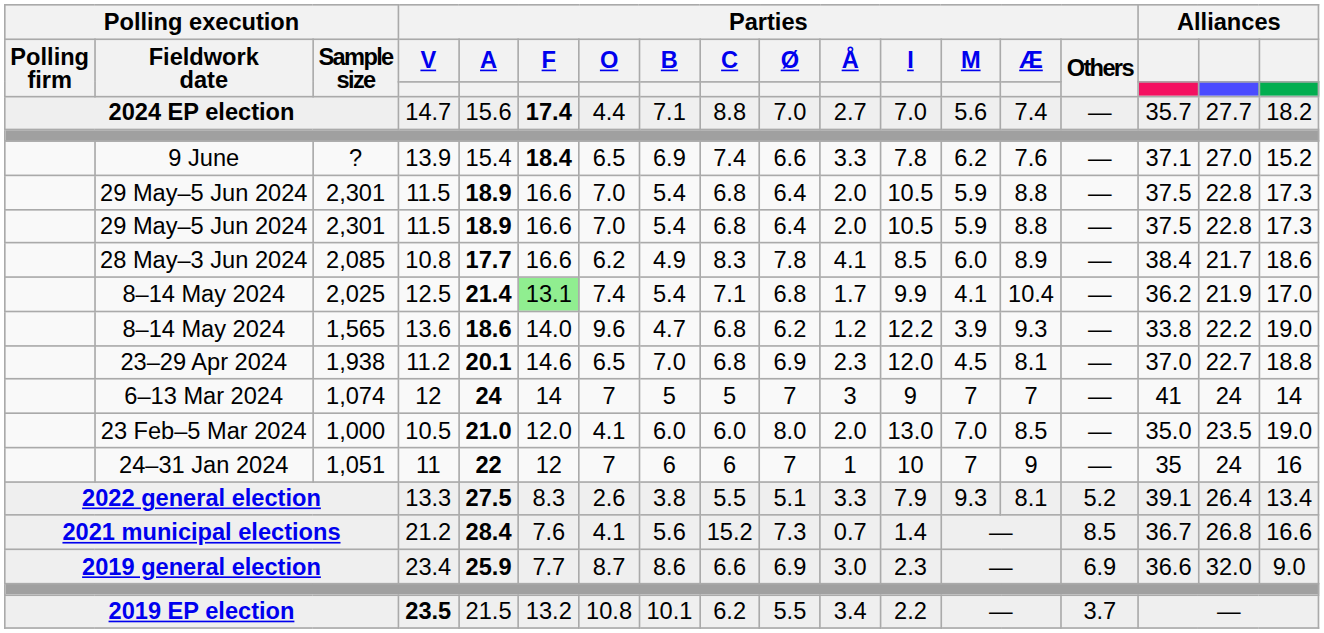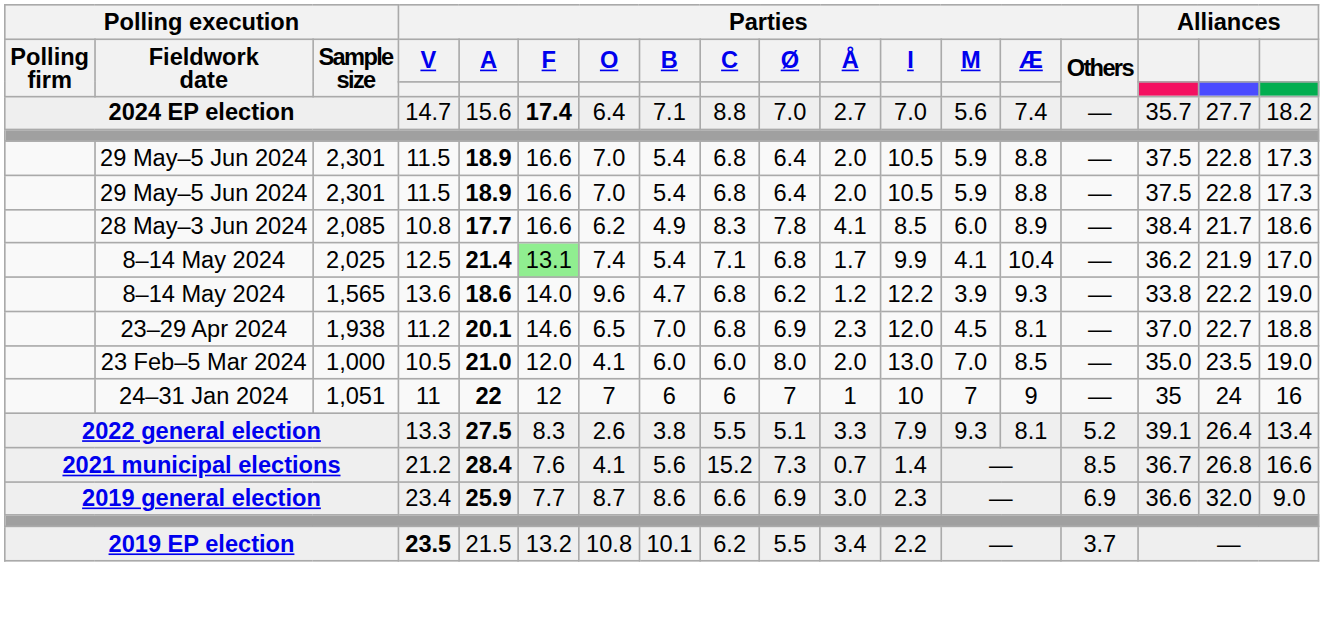 <table class="wikitable sortable mw-datatable" style="text-align:center;font-size:90%;line-height:14px;">
 <tr>
 <th colspan="3"><strong>Polling execution</strong></th>
 <th colspan="12">Parties</th>
 <th colspan="3">Alliances</th>
 </tr>
 <tr>
 <th rowspan="2">Polling<br>firm</th>
 <th rowspan="2">Fieldwork<br>date</th>
 <th rowspan="2" class="unsortable" style="letter-spacing:-1px;">Sample<br>size</th>
 <th class="unsortable" style="width:30px;"><a href='#'>V</a><br></th>
 <th class="unsortable" style="width:30px;"><a href='#'>A</a><br></th>
 <th class="unsortable" style="width:30px;"><a href='#'>F</a><br></th>
 <th class="unsortable" style="width:30px;"><a href='#'>O</a><br></th>
 <th class="unsortable" style="width:30px;"><a href='#'>B</a><br></th>
 <th class="unsortable" style="width:30px;"><a href='#'>C</a><br></th>
 <th class="unsortable" style="width:30px;"><a href='#'>Ø</a><br></th>
 <th class="unsortable" style="width:30px;"><a href='#'>Å</a><br></th>
 <th class="unsortable" style="width:30px;"><a href='#'>I</a><br></th>
 <th class="unsortable" style="width:30px;"><a href='#'>M</a><br></th>
 <th class="unsortable" style="width:30px;"><a href='#'>Æ</a><br></th>
 <th rowspan="2" class="unsortable" style="width:30px;letter-spacing:-1px;">Others</th>
 <th class="unsortable" style="width:30px;"></th>
 <th class="unsortable" style="width:30px;"></th>
 <th class="unsortable" style="width:30px;"></th>
 </tr>
 <tr>
 <th data-sort-type="number" style="background:"></th>
 <th data-sort-type="number" style="background:"></th>
 <th data-sort-type="number" style="background:"></th>
 <th data-sort-type="number" style="background:"></th>
 <th data-sort-type="number" style="background:"></th>
 <th data-sort-type="number" style="background:"></th>
 <th data-sort-type="number" style="background:"></th>
 <th data-sort-type="number" style="background:"></th>
 <th data-sort-type="number" style="background:"></th>
 <th data-sort-type="number" style="background:"></th>
 <th data-sort-type="number" style="background:"></th>
 <th data-sort-type="number" style="background:#F41061;"></th>
 <th data-sort-type="number" style="background:#4B4BFF;"></th>
 <th data-sort-type="number" style="background:#02AE50;"></th>
 </tr>
 <tr style="background:#EFEFEF;">
 <td colspan="3"><strong>2024 EP election</strong></td>
 <td>14.7<br></td>
 <td>15.6<br></td>
 <td><strong>17.4</strong><br></td>
-<td>4.4<br></td>
+<td>6.4<br></td>
 <td>7.1<br></td>
 <td>8.8<br></td>
 <td>7.0<br></td>
 <td>2.7<br></td>
 <td>7.0<br></td>
 <td>5.6<br></td>
 <td>7.4<br></td>
 <td>—</td>
 <td>35.7<br></td>
 <td>27.7<br></td>
 <td>18.2<br></td>
 </tr>
 <tr>
 <td colspan="18" style="background:#A0A0A0"></td>
-</tr>
-<tr>
-<td></td>
-<td>9 June</td>
-<td>?</td>
-<td>13.9<br></td>
-<td>15.4<br></td>
-<td><strong>18.4</strong><br></td>
-<td>6.5<br></td>
-<td>6.9<br></td>
-<td>7.4<br></td>
-<td>6.6<br></td>
-<td>3.3<br></td>
-<td>7.8<br></td>
-<td>6.2<br></td>
-<td>7.6<br></td>
-<td>—</td>
-<td>37.1<br></td>
-<td>27.0<br></td>
-<td>15.2<br></td>
 </tr>
 <tr>
 <td></td>
 <td>29 May–5 Jun 2024</td>
 <td>2,301</td>
 <td>11.5<br></td>
 <td><strong>18.9</strong><br></td>
 <td>16.6<br></td>
 <td>7.0<br></td>
 <td>5.4<br></td>
 <td>6.8<br></td>
 <td>6.4<br></td>
 <td>2.0<br></td>
 <td>10.5<br></td>
 <td>5.9<br></td>
 <td>8.8<br></td>
 <td>—</td>
 <td>37.5<br></td>
 <td>22.8<br></td>
 <td>17.3<br></td>
 </tr>
 <tr>
 <td></td>
 <td>29 May–5 Jun 2024</td>
 <td>2,301</td>
 <td>11.5<br></td>
 <td><strong>18.9</strong><br></td>
 <td>16.6<br></td>
 <td>7.0<br></td>
 <td>5.4<br></td>
 <td>6.8<br></td>
 <td>6.4<br></td>
 <td>2.0<br></td>
 <td>10.5<br></td>
 <td>5.9<br></td>
 <td>8.8<br></td>
 <td>—</td>
 <td>37.5<br></td>
 <td>22.8<br></td>
 <td>17.3<br></td>
 </tr>
 <tr>
 <td></td>
 <td>28 May–3 Jun 2024</td>
 <td>2,085</td>
 <td>10.8<br></td>
 <td><strong>17.7</strong><br></td>
 <td>16.6<br></td>
 <td>6.2<br></td>
 <td>4.9<br></td>
 <td>8.3<br></td>
 <td>7.8<br></td>
 <td>4.1<br></td>
 <td>8.5<br></td>
 <td>6.0<br></td>
 <td>8.9<br></td>
 <td>—</td>
 <td>38.4<br></td>
 <td>21.7<br></td>
 <td>18.6<br></td>
 </tr>
 <tr>
 <td></td>
 <td>8–14 May 2024</td>
 <td>2,025</td>
 <td>12.5<br></td>
 <td><strong>21.4</strong><br></td>
 <td style="background: lightgreen;">13.1<br></td>
 <td>7.4<br></td>
 <td>5.4<br></td>
 <td>7.1<br></td>
 <td>6.8<br></td>
 <td>1.7<br></td>
 <td>9.9<br></td>
 <td>4.1<br></td>
 <td>10.4<br></td>
 <td>—</td>
 <td>36.2<br></td>
 <td>21.9<br></td>
 <td>17.0<br></td>
 </tr>
 <tr>
 <td></td>
 <td>8–14 May 2024</td>
 <td>1,565</td>
 <td>13.6<br></td>
 <td><strong>18.6</strong><br></td>
 <td>14.0<br></td>
 <td>9.6<br></td>
 <td>4.7<br></td>
 <td>6.8<br></td>
 <td>6.2<br></td>
 <td>1.2<br></td>
 <td>12.2<br></td>
 <td>3.9<br></td>
 <td>9.3<br></td>
 <td>—</td>
 <td>33.8<br></td>
 <td>22.2<br></td>
 <td>19.0<br></td>
 </tr>
 <tr>
 <td></td>
 <td>23–29 Apr 2024</td>
 <td>1,938</td>
 <td>11.2<br></td>
 <td><strong>20.1</strong><br></td>
 <td>14.6<br></td>
 <td>6.5<br></td>
 <td>7.0<br></td>
 <td>6.8<br></td>
 <td>6.9<br></td>
 <td>2.3<br></td>
 <td>12.0<br></td>
 <td>4.5<br></td>
 <td>8.1<br></td>
 <td>—</td>
 <td>37.0<br></td>
 <td>22.7<br></td>
 <td>18.8<br></td>
 </tr>
 <tr>
 <td></td>
-<td>6–13 Mar 2024</td>
-<td>1,074</td>
-<td>12<br></td>
-<td><strong>24</strong><br></td>
-<td>14<br></td>
-<td>7<br></td>
-<td>5<br></td>
-<td>5<br></td>
-<td>7<br></td>
-<td>3<br></td>
-<td>9<br></td>
-<td>7<br></td>
-<td>7<br></td>
-<td>—</td>
-<td>41<br></td>
-<td>24<br></td>
-<td>14<br></td>
-</tr>
-<tr>
-<td></td>
 <td>23 Feb–5 Mar 2024</td>
 <td>1,000</td>
 <td>10.5<br></td>
 <td><strong>21.0</strong><br></td>
 <td>12.0<br></td>
 <td>4.1<br></td>
 <td>6.0<br></td>
 <td>6.0<br></td>
 <td>8.0<br></td>
 <td>2.0<br></td>
 <td>13.0<br></td>
 <td>7.0<br></td>
 <td>8.5<br></td>
 <td>—</td>
 <td>35.0<br></td>
 <td>23.5<br></td>
 <td>19.0<br></td>
 </tr>
 <tr>
 <td></td>
 <td>24–31 Jan 2024</td>
 <td>1,051</td>
 <td>11<br></td>
 <td><strong>22</strong><br></td>
 <td>12<br></td>
 <td>7<br></td>
 <td>6<br></td>
 <td>6<br></td>
 <td>7<br></td>
 <td>1<br></td>
 <td>10<br></td>
 <td>7<br></td>
 <td>9<br></td>
 <td>—</td>
 <td>35<br></td>
 <td>24<br></td>
 <td>16<br></td>
 </tr>
 <tr style="background:#EFEFEF;">
 <td colspan="3"><strong><a href='#'>2022 general election</a></strong></td>
 <td>13.3<br></td>
 <td><strong>27.5</strong><br></td>
 <td>8.3<br></td>
 <td>2.6<br></td>
 <td>3.8<br></td>
 <td>5.5<br></td>
 <td>5.1<br></td>
 <td>3.3<br></td>
 <td>7.9<br></td>
 <td>9.3<br></td>
 <td>8.1<br></td>
 <td>5.2<br></td>
 <td>39.1<br></td>
 <td>26.4<br></td>
 <td>13.4<br></td>
 </tr>
 <tr style="background:#EFEFEF;">
 <td colspan="3"><strong><a href='#'>2021 municipal elections</a></strong></td>
 <td>21.2<br></td>
 <td><strong>28.4</strong><br></td>
 <td>7.6<br></td>
 <td>4.1<br></td>
 <td>5.6<br></td>
 <td>15.2<br></td>
 <td>7.3<br></td>
 <td>0.7<br></td>
 <td>1.4<br></td>
 <td colspan="2">—</td>
 <td>8.5<br></td>
 <td>36.7<br></td>
 <td>26.8<br></td>
 <td>16.6<br></td>
 </tr>
 <tr style="background:#EFEFEF;">
 <td colspan="3"><strong><a href='#'>2019 general election</a></strong></td>
 <td>23.4<br></td>
 <td><strong>25.9</strong><br></td>
 <td>7.7<br></td>
 <td>8.7<br></td>
 <td>8.6<br></td>
 <td>6.6<br></td>
 <td>6.9<br></td>
 <td>3.0<br></td>
 <td>2.3<br></td>
 <td colspan="2">—</td>
 <td>6.9<br></td>
 <td>36.6<br></td>
 <td>32.0<br></td>
 <td>9.0<br></td>
 </tr>
 <tr>
 <td colspan="18" style="background:#A0A0A0"></td>
 </tr>
 <tr style="background:#EFEFEF;">
 <td colspan="3"><strong><a href='#'>2019 EP election</a></strong></td>
 <td><strong>23.5</strong><br></td>
 <td>21.5<br></td>
 <td>13.2<br></td>
 <td>10.8<br></td>
 <td>10.1<br></td>
 <td>6.2<br></td>
 <td>5.5<br></td>
 <td>3.4<br></td>
 <td>2.2<br></td>
 <td colspan="2">—</td>
 <td>3.7<br></td>
 <td colspan="3">—</td>
 </tr>
 </table>
